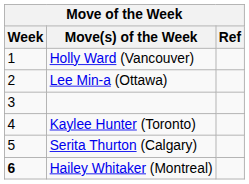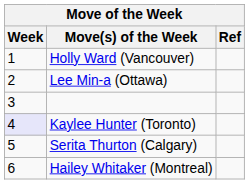 <table class="wikitable mw-collapsible">
 <tr>
 <th colspan="7">Move of the Week</th>
 </tr>
 <tr>
 <th>Week</th>
 <th>Move(s) of the Week</th>
 <th>Ref</th>
 </tr>
 <tr>
 <td>1</td>
 <td> <a href='#'>Holly Ward</a> (Vancouver)</td>
 <td></td>
 </tr>
 <tr>
 <td>2</td>
 <td> <a href='#'>Lee Min-a</a> (Ottawa)</td>
 <td></td>
 </tr>
 <tr>
 <td>3</td>
 <td></td>
 <td></td>
 </tr>
 <tr>
-<td>4</td>
+<td style="background: lavender;">4</td>
 <td> <a href='#'>Kaylee Hunter</a> (Toronto)</td>
 <td></td>
 </tr>
 <tr>
 <td>5</td>
 <td> <a href='#'>Serita Thurton</a> (Calgary)</td>
 <td></td>
 </tr>
 <tr>
-<td><strong>6</strong></td>
+<td>6</td>
 <td> <a href='#'>Hailey Whitaker</a> (Montreal)</td>
 <td></td>
 </tr>
 </table>
